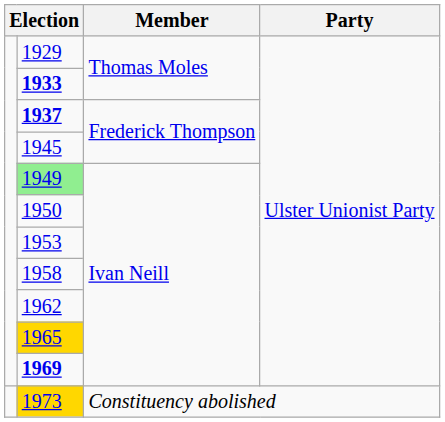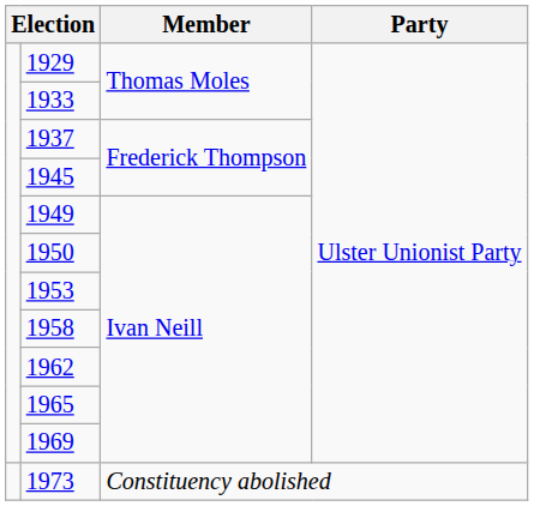 <table class="wikitable">
 <tr>
 <th colspan="2">Election</th>
 <th>Member</th>
 <th>Party</th>
 </tr>
 <tr>
 <td rowspan="11" style="background-color: "></td>
 <td><a href='#'>1929</a></td>
 <td rowspan="2"><a href='#'>Thomas Moles</a></td>
 <td rowspan="11"><a href='#'>Ulster Unionist Party</a></td>
 </tr>
 <tr>
-<td><strong><a href='#'>1933</a></strong></td>
+<td><a href='#'>1933</a></td>
 </tr>
 <tr>
-<td><strong><a href='#'>1937</a></strong></td>
+<td><a href='#'>1937</a></td>
 <td rowspan="2"><a href='#'>Frederick Thompson</a></td>
 </tr>
 <tr>
 <td><a href='#'>1945</a></td>
 </tr>
 <tr>
-<td style="background: lightgreen;"><a href='#'>1949</a></td>
+<td><a href='#'>1949</a></td>
 <td rowspan="7"><a href='#'>Ivan Neill</a></td>
 </tr>
 <tr>
 <td><a href='#'>1950</a></td>
 </tr>
 <tr>
 <td><a href='#'>1953</a></td>
 </tr>
 <tr>
 <td><a href='#'>1958</a></td>
 </tr>
 <tr>
 <td><a href='#'>1962</a></td>
 </tr>
 <tr>
-<td style="background: gold;"><a href='#'>1965</a></td>
+<td><a href='#'>1965</a></td>
 </tr>
 <tr>
-<td><strong><a href='#'>1969</a></strong></td>
+<td><a href='#'>1969</a></td>
 </tr>
 <tr>
 <td></td>
-<td style="background: gold;"><a href='#'>1973</a></td>
+<td><a href='#'>1973</a></td>
 <td colspan="3"><em>Constituency abolished</em></td>
 </tr>
 </table>
